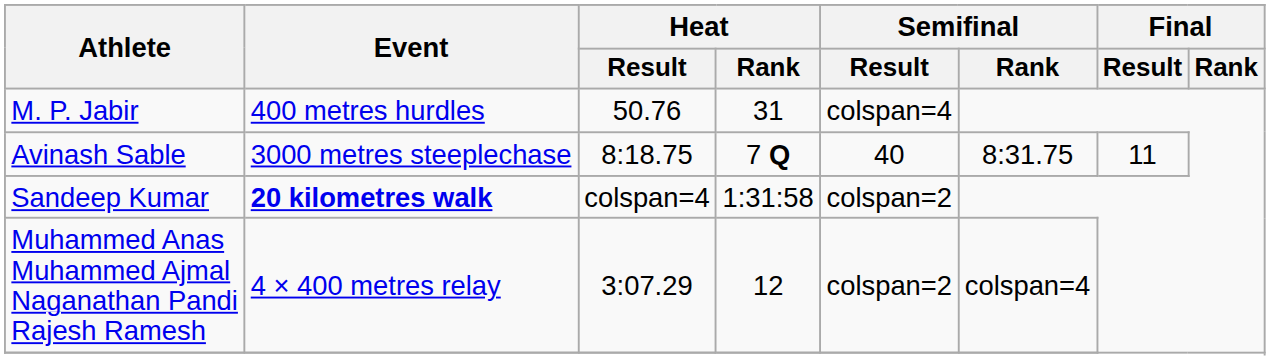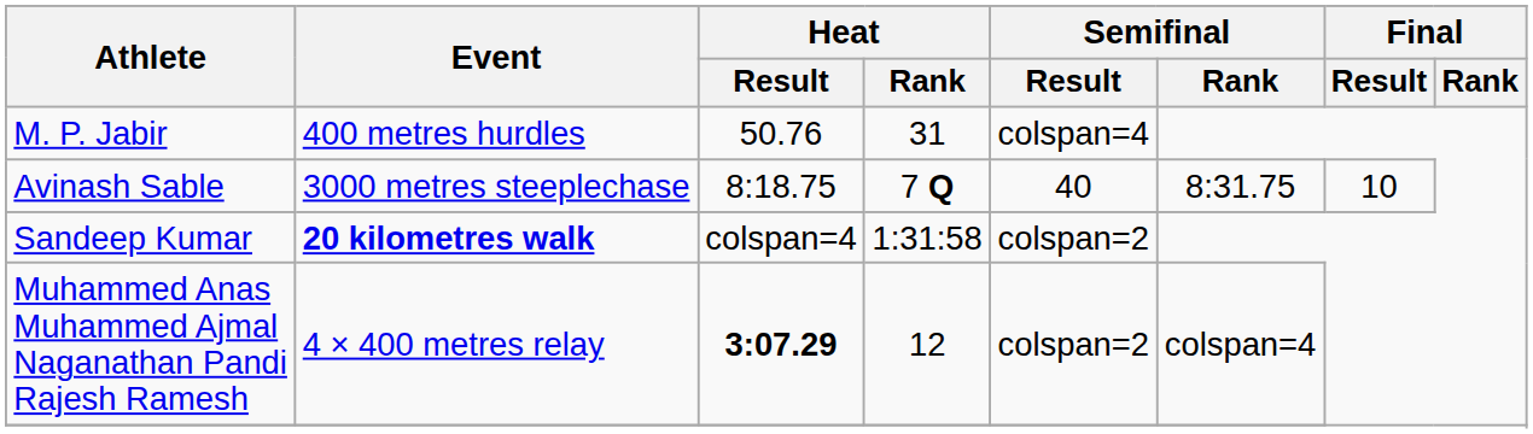 <table class="wikitable" style="font-size:90%">
 <tr>
 <th rowspan="2">Athlete</th>
 <th rowspan="2">Event</th>
 <th colspan="2">Heat</th>
 <th colspan="2">Semifinal</th>
 <th colspan="2">Final</th>
 </tr>
 <tr style="font-size:95%">
 <th>Result</th>
 <th>Rank</th>
 <th>Result</th>
 <th>Rank</th>
 <th>Result</th>
 <th>Rank</th>
 </tr>
 <tr style=text-align:center>
 <td style=text-align:left><a href='#'>M. P. Jabir</a></td>
 <td style=text-align:left><a href='#'>400 metres hurdles</a></td>
 <td>50.76</td>
 <td>31</td>
 <td>colspan=4 </td>
 </tr>
 <tr style=text-align:center>
 <td style=text-align:left><a href='#'>Avinash Sable</a></td>
 <td style=text-align:left><a href='#'>3000 metres steeplechase</a></td>
 <td>8:18.75</td>
 <td>7 <strong>Q</strong></td>
 <td>40</td>
 <td>8:31.75</td>
-<td>11</td>
+<td>10</td>
 </tr>
 <tr style=text-align:center>
 <td style=text-align:left><a href='#'>Sandeep Kumar</a></td>
 <td style=text-align:left><strong><a href='#'>20 kilometres walk</a></strong></td>
 <td>colspan=4 </td>
 <td>1:31:58</td>
 <td>colspan=2 </td>
 </tr>
 <tr style=text-align:center>
 <td style=text-align:left><a href='#'>Muhammed Anas</a><br><a href='#'>Muhammed Ajmal</a><br><a href='#'>Naganathan Pandi</a><br><a href='#'>Rajesh Ramesh</a></td>
 <td style=text-align:left><a href='#'>4 × 400 metres relay</a></td>
-<td>3:07.29</td>
+<td><strong>3:07.29</strong></td>
 <td>12</td>
 <td>colspan=2 </td>
 <td>colspan=4 </td>
 </tr>
 <tr style=text-align:center>
 </tr>
 </table>
